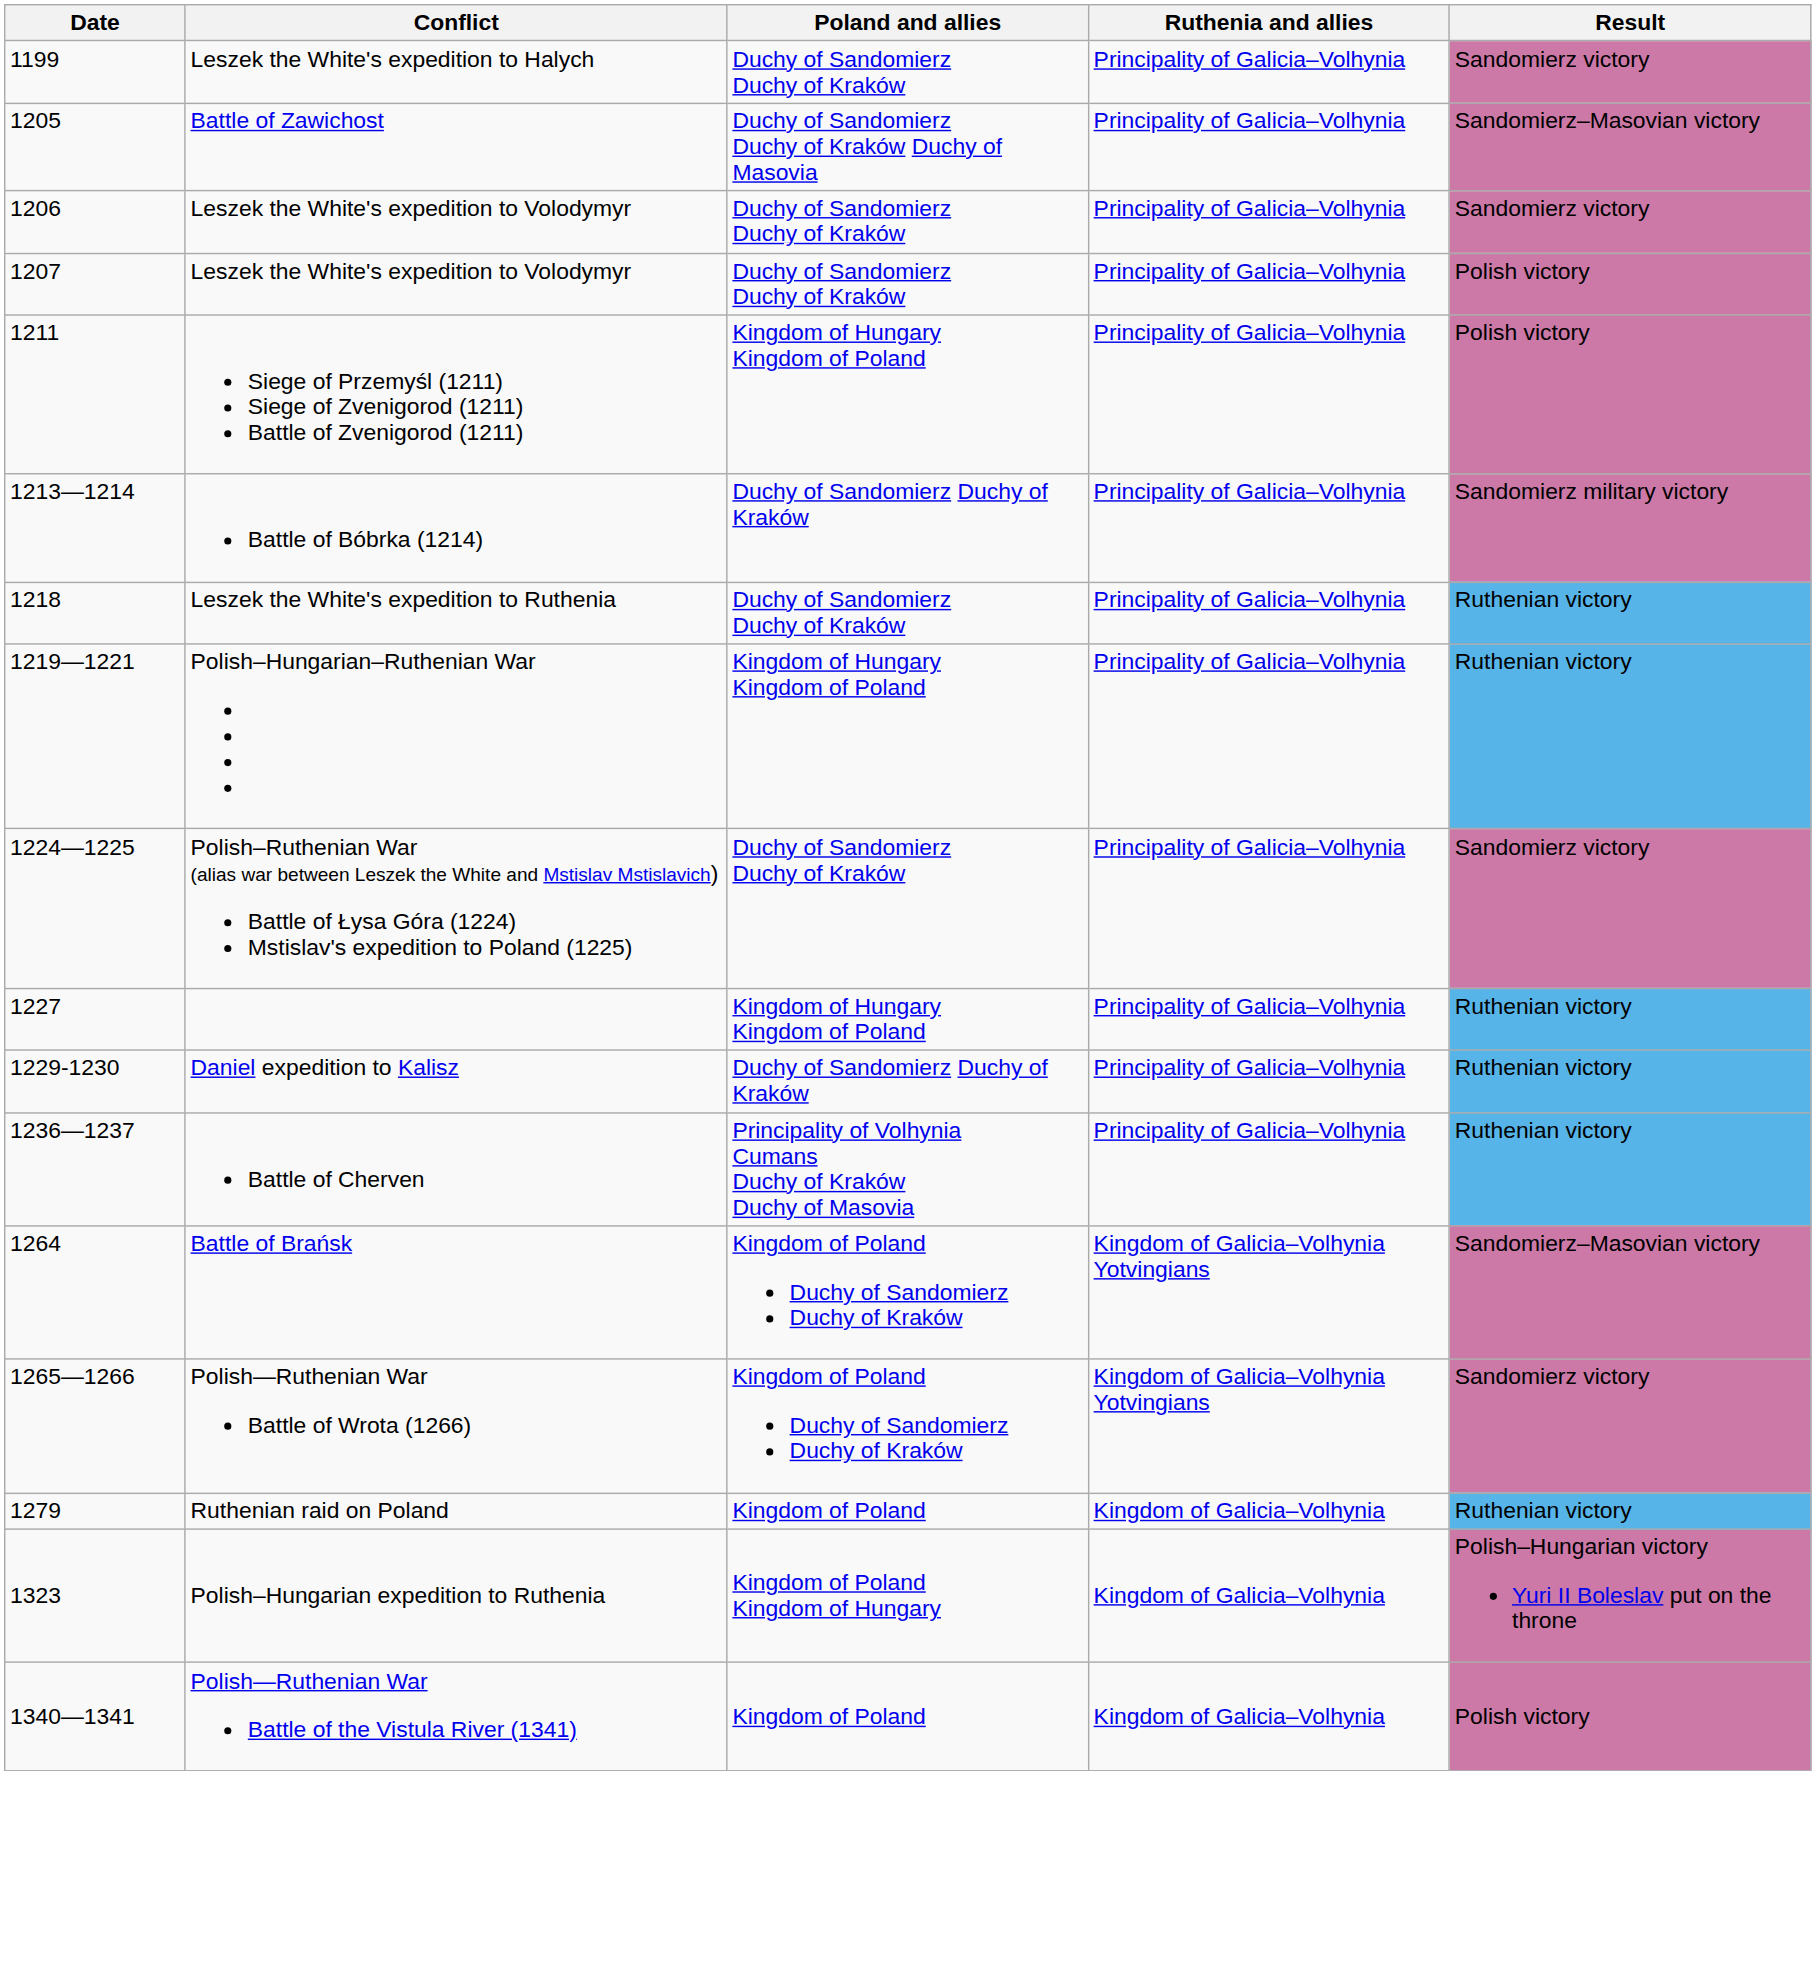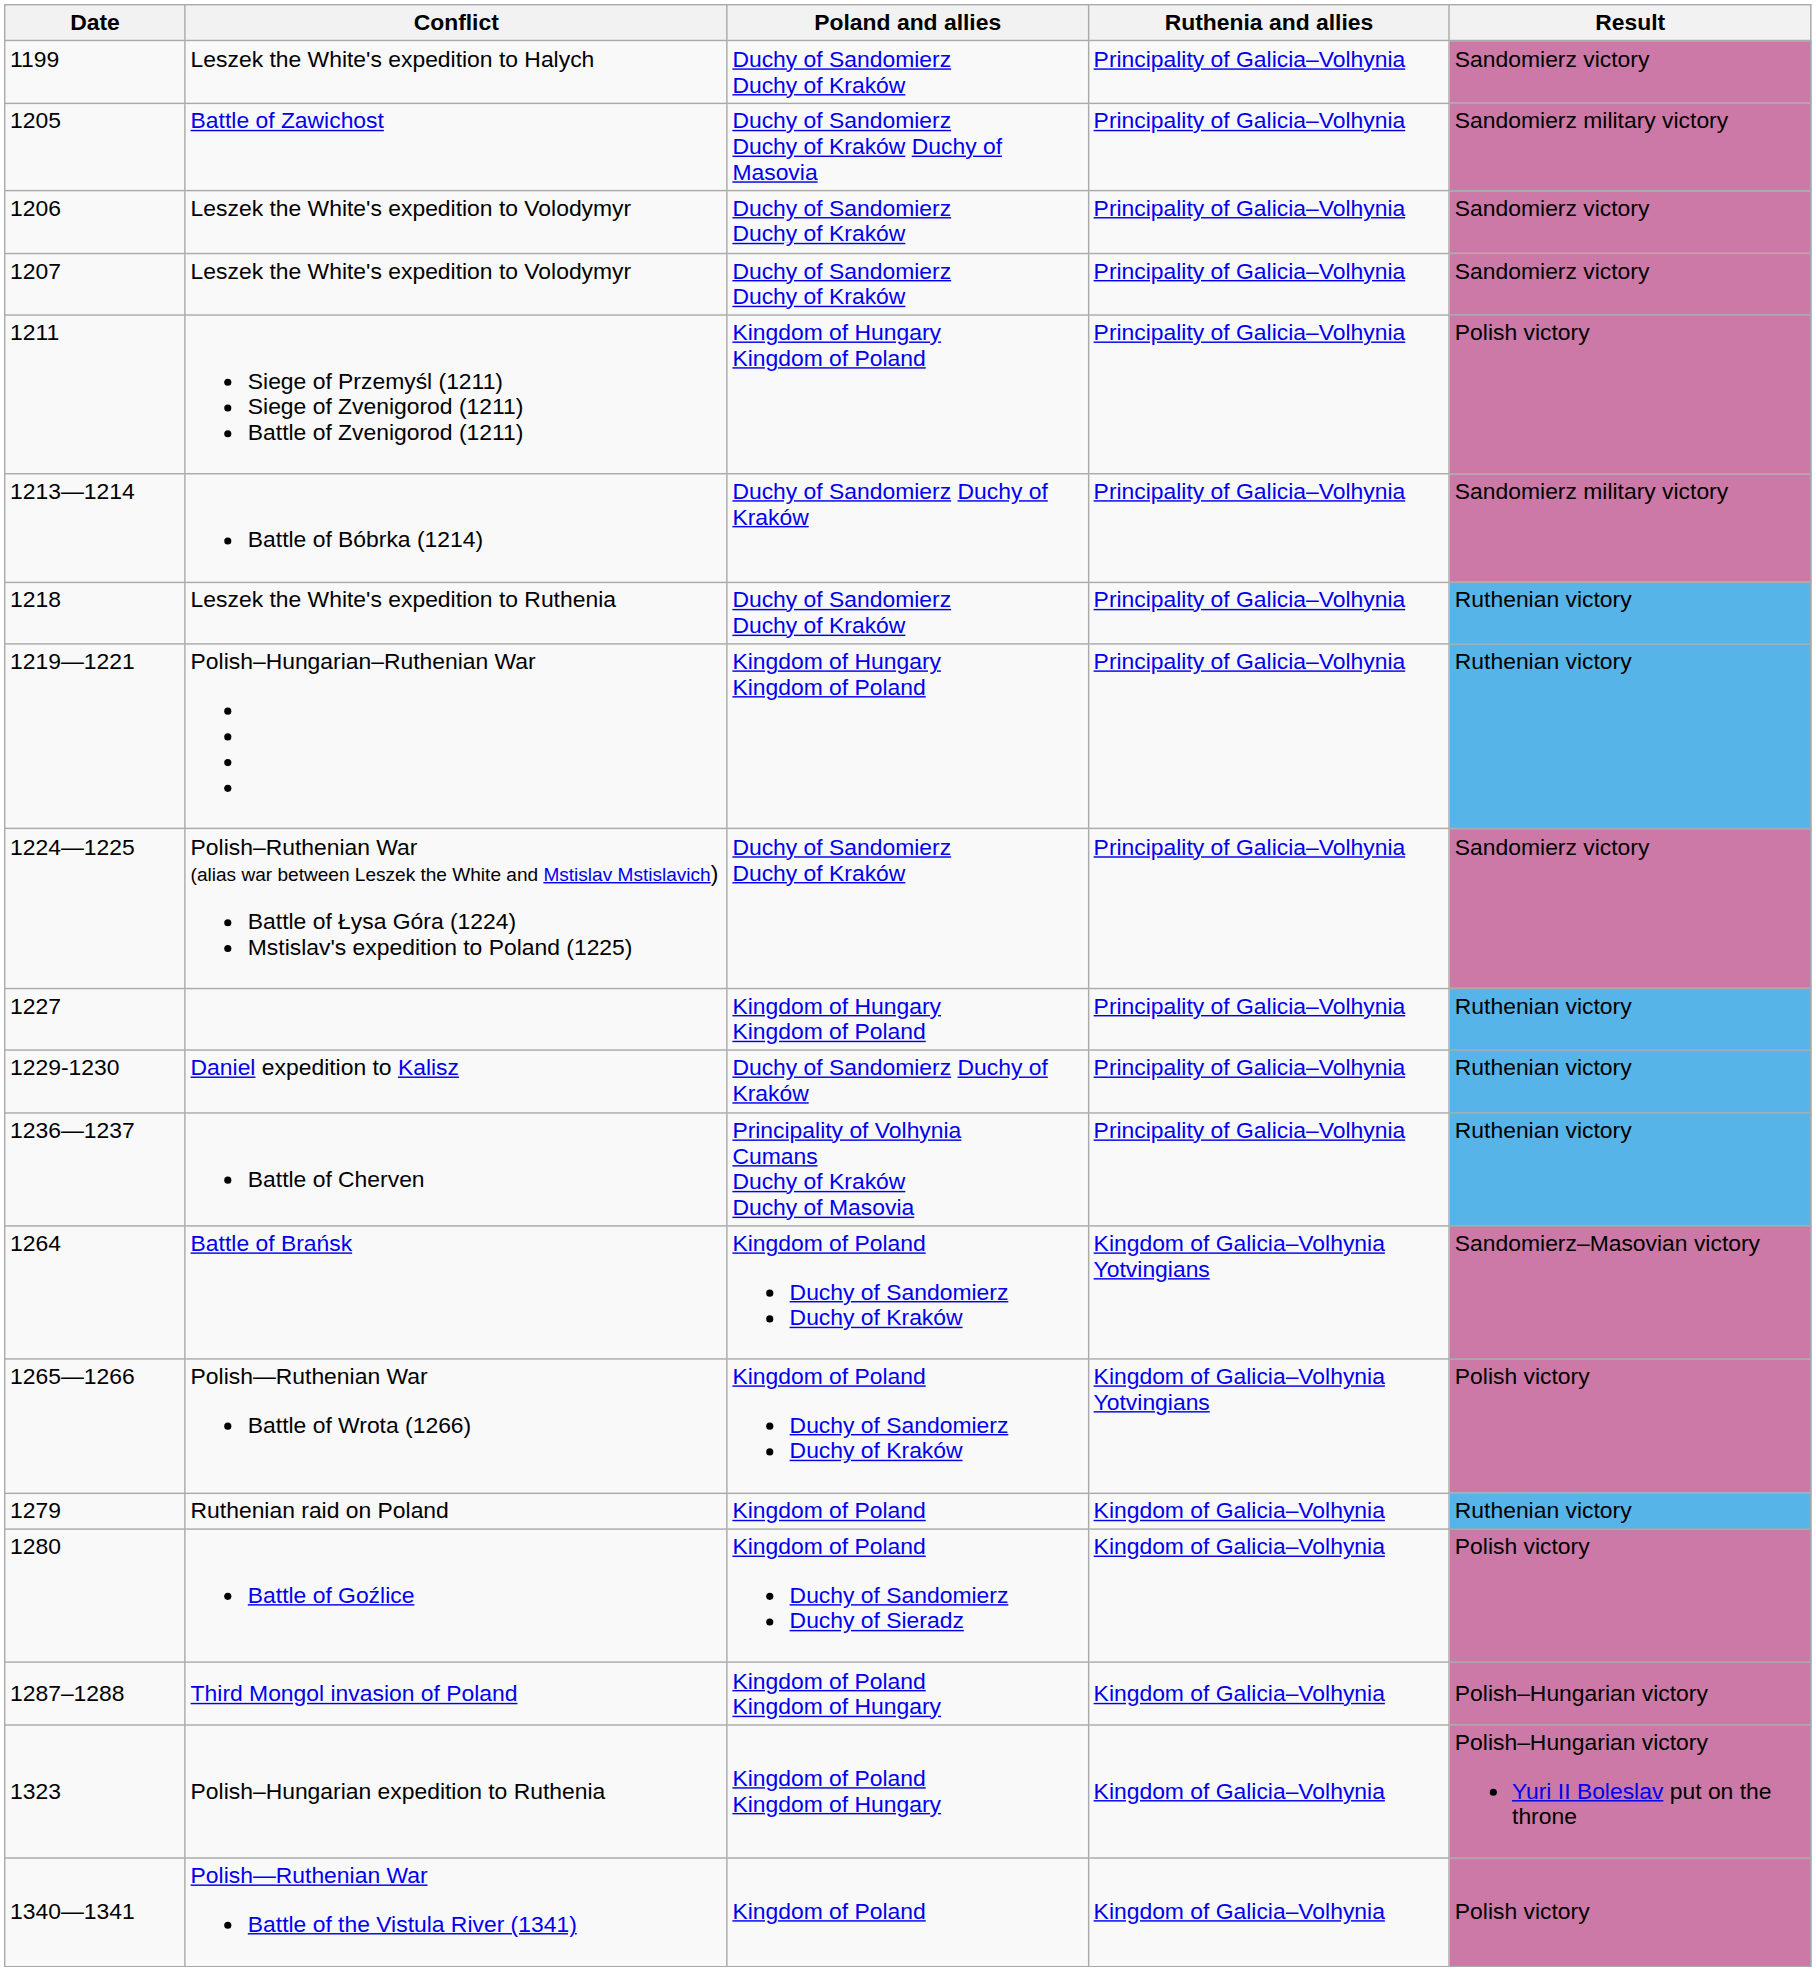 <table class="wikitable sortable" width="100%">
 <tr>
 <th width="10%">Date</th>
 <th width="30%">Conflict</th>
 <th width="20%">Poland and allies</th>
 <th width="20%">Ruthenia and allies</th>
 <th width="20%">Result</th>
 </tr>
 <tr valign="top">
 <td>1199</td>
 <td>Leszek the White's expedition to Halych</td>
 <td><a href='#'>Duchy of Sandomierz</a><br><a href='#'>Duchy of Kraków</a></td>
 <td> <a href='#'>Principality of Galicia–Volhynia</a></td>
 <td bgcolor="#CC79A7">Sandomierz victory</td>
 </tr>
 <tr valign="top">
 <td>1205</td>
 <td><a href='#'>Battle of Zawichost</a></td>
 <td><a href='#'>Duchy of Sandomierz</a><br><a href='#'>Duchy of Kraków</a>  <a href='#'>Duchy of Masovia</a></td>
 <td> <a href='#'>Principality of Galicia–Volhynia</a></td>
-<td bgcolor="#CC79A7">Sandomierz–Masovian victory</td>
+<td bgcolor="#CC79A7">Sandomierz military victory</td>
 </tr>
 <tr valign="top">
 <td>1206</td>
 <td>Leszek the White's expedition to Volodymyr</td>
 <td><a href='#'>Duchy of Sandomierz</a><br><a href='#'>Duchy of Kraków</a></td>
 <td> <a href='#'>Principality of Galicia–Volhynia</a></td>
 <td bgcolor="#CC79A7">Sandomierz victory</td>
 </tr>
 <tr valign="top">
 <td>1207</td>
 <td>Leszek the White's expedition to Volodymyr</td>
 <td><a href='#'>Duchy of Sandomierz</a><br><a href='#'>Duchy of Kraków</a></td>
 <td> <a href='#'>Principality of Galicia–Volhynia</a></td>
-<td bgcolor="#CC79A7">Polish victory</td>
+<td bgcolor="#CC79A7">Sandomierz victory</td>
 </tr>
 <tr valign="top">
 <td>1211</td>
 <td><br><ul><li>Siege of Przemyśl (1211)</li><li>Siege of Zvenigorod (1211)</li><li>Battle of Zvenigorod (1211)</li></ul></td>
 <td> <a href='#'>Kingdom of Hungary</a><br> <a href='#'>Kingdom of Poland</a></td>
 <td> <a href='#'>Principality of Galicia–Volhynia</a></td>
 <td bgcolor="#CC79A7">Polish victory</td>
 </tr>
 <tr valign="top">
 <td>1213—1214</td>
 <td><br><ul><li>Battle of Bóbrka (1214)</li></ul></td>
 <td><a href='#'>Duchy of Sandomierz</a> <a href='#'>Duchy of Kraków</a></td>
 <td> <a href='#'>Principality of Galicia–Volhynia</a></td>
 <td bgcolor="#CC79A7">Sandomierz military victory</td>
 </tr>
 <tr valign="top">
 <td>1218</td>
 <td>Leszek the White's expedition to Ruthenia</td>
 <td><a href='#'>Duchy of Sandomierz</a><br><a href='#'>Duchy of Kraków</a></td>
 <td> <a href='#'>Principality of Galicia–Volhynia</a></td>
 <td bgcolor="#56B4E9">Ruthenian victory</td>
 </tr>
 <tr valign="top">
 <td>1219—1221</td>
 <td>Polish–Hungarian–Ruthenian War<br><ul><li></li><li></li><li></li><li></li></ul></td>
 <td> <a href='#'>Kingdom of Hungary</a><br> <a href='#'>Kingdom of Poland</a></td>
 <td> <a href='#'>Principality of Galicia–Volhynia</a></td>
 <td bgcolor="#56B4E9">Ruthenian victory</td>
 </tr>
 <tr valign="top">
 <td>1224—1225</td>
 <td>Polish–Ruthenian War<br><small>(alias war between Leszek the White and <a href='#'>Mstislav Mstislavich</a></small>)<br><ul><li>Battle of Łysa Góra (1224)</li><li>Mstislav's expedition to Poland (1225)</li></ul></td>
 <td><a href='#'>Duchy of Sandomierz</a><br><a href='#'>Duchy of Kraków</a></td>
 <td> <a href='#'>Principality of Galicia–Volhynia</a></td>
 <td bgcolor="#CC79A7">Sandomierz  victory</td>
 </tr>
 <tr valign="top">
 <td>1227</td>
 <td></td>
 <td> <a href='#'>Kingdom of Hungary</a><br> <a href='#'>Kingdom of Poland</a></td>
 <td> <a href='#'>Principality of Galicia–Volhynia</a></td>
 <td bgcolor="#56B4E9">Ruthenian victory</td>
 </tr>
 <tr valign="top">
 <td>1229-1230</td>
 <td><a href='#'>Daniel</a> expedition to <a href='#'>Kalisz</a></td>
 <td><a href='#'>Duchy of Sandomierz</a> <a href='#'>Duchy of Kraków</a></td>
 <td> <a href='#'>Principality of Galicia–Volhynia</a></td>
 <td bgcolor="#56B4E9">Ruthenian victory</td>
 </tr>
 <tr valign="top">
 <td>1236—1237</td>
 <td><br><ul><li>Battle of Cherven</li></ul></td>
 <td><a href='#'>Principality of Volhynia</a><br><a href='#'>Cumans</a><br><a href='#'>Duchy of Kraków</a><br><a href='#'>Duchy of Masovia</a></td>
 <td> <a href='#'>Principality of Galicia–Volhynia</a></td>
 <td bgcolor="#56B4E9">Ruthenian victory</td>
 </tr>
 <tr valign="top">
 <td>1264</td>
 <td><a href='#'>Battle of Brańsk</a></td>
 <td> <a href='#'>Kingdom of Poland</a><br><ul><li><a href='#'>Duchy of Sandomierz</a></li><li><a href='#'>Duchy of Kraków</a></li></ul></td>
 <td> <a href='#'>Kingdom of Galicia–Volhynia</a><br><a href='#'>Yotvingians</a></td>
 <td bgcolor="#CC79A7">Sandomierz–Masovian victory</td>
 </tr>
 <tr valign="top">
 <td>1265—1266</td>
 <td>Polish—Ruthenian War<br><ul><li>Battle of Wrota (1266)</li></ul></td>
 <td> <a href='#'>Kingdom of Poland</a><br><ul><li><a href='#'>Duchy of Sandomierz</a></li><li><a href='#'>Duchy of Kraków</a></li></ul></td>
 <td> <a href='#'>Kingdom of Galicia–Volhynia</a><br><a href='#'>Yotvingians</a></td>
-<td bgcolor="#CC79A7">Sandomierz victory</td>
+<td bgcolor="#CC79A7">Polish victory</td>
 </tr>
 <tr valign="top">
 <td>1279</td>
 <td>Ruthenian raid on Poland</td>
 <td> <a href='#'>Kingdom of Poland</a></td>
 <td> <a href='#'>Kingdom of Galicia–Volhynia</a></td>
 <td bgcolor="#56B4E9">Ruthenian victory</td>
+</tr>
+<tr valign="top">
+<td>1280</td>
+<td><br><ul><li><a href='#'>Battle of Goźlice</a></li></ul></td>
+<td> <a href='#'>Kingdom of Poland</a><br><ul><li><a href='#'>Duchy of Sandomierz</a></li><li><a href='#'>Duchy of Sieradz</a></li></ul></td>
+<td> <a href='#'>Kingdom of Galicia–Volhynia</a><br></td>
+<td bgcolor="#CC79A7">Polish victory</td>
+</tr>
+<tr>
+<td>1287–1288</td>
+<td><a href='#'>Third Mongol invasion of Poland</a></td>
+<td> <a href='#'>Kingdom of Poland</a><br> <a href='#'>Kingdom of Hungary</a></td>
+<td> <a href='#'>Kingdom of Galicia–Volhynia</a></td>
+<td style="background:#CC79A7">Polish–Hungarian victory</td>
 </tr>
 <tr>
 <td>1323</td>
 <td>Polish–Hungarian expedition to Ruthenia</td>
 <td> <a href='#'>Kingdom of Poland</a><br> <a href='#'>Kingdom of Hungary</a></td>
 <td> <a href='#'>Kingdom of Galicia–Volhynia</a></td>
 <td style="background:#CC79A7">Polish–Hungarian victory<br><ul><li><a href='#'>Yuri II Boleslav</a> put on the throne</li></ul></td>
 </tr>
 <tr>
 <td>1340—1341</td>
 <td><a href='#'>Polish—Ruthenian War</a><br><ul><li><a href='#'>Battle of the Vistula River (1341)</a></li></ul></td>
 <td> <a href='#'>Kingdom of Poland</a></td>
 <td> <a href='#'>Kingdom of Galicia–Volhynia</a></td>
 <td style="background:#CC79A7">Polish victory</td>
 </tr>
 </table>
